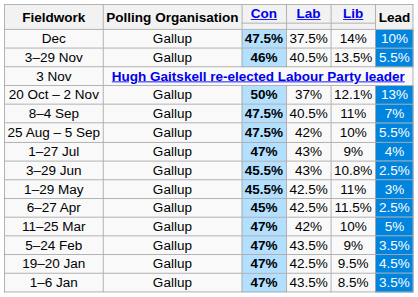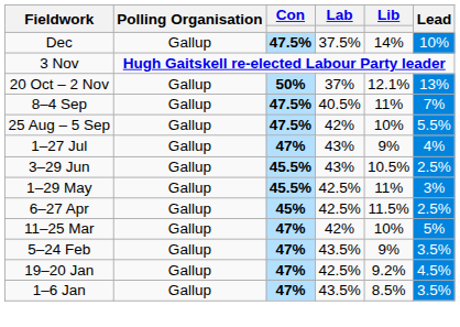 <table class="wikitable" style="text-align: center; line-height: 14px; font-size: 95%;">
 <tr>
 <th rowspan="2">Fieldwork</th>
 <th rowspan="2">Polling Organisation</th>
 <th><a href='#'>Con</a></th>
 <th><a href='#'>Lab</a></th>
 <th><a href='#'>Lib</a></th>
 <th class="unsortable" style="width:20px;" rowspan="2">Lead</th>
 </tr>
 <tr>
 <th style="background:"></th>
 <th style="background:"></th>
 <th style="background:"></th>
 </tr>
 <tr>
 <td>Dec</td>
 <td>Gallup</td>
 <td style="background:#B3E0FF"><strong>47.5%</strong></td>
 <td>37.5%</td>
 <td>14%</td>
 <td style="background:#0084dd; color:white;">10%</td>
-</tr>
-<tr>
-<td>3–29 Nov</td>
-<td>Gallup</td>
-<td style="background:#B3E0FF"><strong>46%</strong></td>
-<td>40.5%</td>
-<td>13.5%</td>
-<td style="background:#0084dd; color:white;">5.5%</td>
 </tr>
 <tr>
 <td>3 Nov</td>
 <td colspan="5"><strong><a href='#'>Hugh Gaitskell re-elected Labour Party leader</a></strong></td>
 </tr>
 <tr>
 <td>20 Oct – 2 Nov</td>
 <td>Gallup</td>
 <td style="background:#B3E0FF"><strong>50%</strong></td>
 <td>37%</td>
 <td>12.1%</td>
 <td style="background:#0084dd; color:white;">13%</td>
 </tr>
 <tr>
 <td>8–4 Sep</td>
 <td>Gallup</td>
 <td style="background:#B3E0FF"><strong>47.5%</strong></td>
 <td>40.5%</td>
 <td>11%</td>
 <td style="background:#0084dd; color:white;">7%</td>
 </tr>
 <tr>
 <td>25 Aug – 5 Sep</td>
 <td>Gallup</td>
 <td style="background:#B3E0FF"><strong>47.5%</strong></td>
 <td>42%</td>
 <td>10%</td>
 <td style="background:#0084dd; color:white;">5.5%</td>
 </tr>
 <tr>
 <td>1–27 Jul</td>
 <td>Gallup</td>
 <td style="background:#B3E0FF"><strong>47%</strong></td>
 <td>43%</td>
 <td>9%</td>
 <td style="background:#0084dd; color:white;">4%</td>
 </tr>
 <tr>
 <td>3–29 Jun</td>
 <td>Gallup</td>
 <td style="background:#B3E0FF"><strong>45.5%</strong></td>
 <td>43%</td>
-<td>10.8%</td>
+<td>10.5%</td>
 <td style="background:#0084dd; color:white;">2.5%</td>
 </tr>
 <tr>
 <td>1–29 May</td>
 <td>Gallup</td>
 <td style="background:#B3E0FF"><strong>45.5%</strong></td>
 <td>42.5%</td>
 <td>11%</td>
 <td style="background:#0084dd; color:white;">3%</td>
 </tr>
 <tr>
 <td>6–27 Apr</td>
 <td>Gallup</td>
 <td style="background:#B3E0FF"><strong>45%</strong></td>
 <td>42.5%</td>
 <td>11.5%</td>
 <td style="background:#0084dd; color:white;">2.5%</td>
 </tr>
 <tr>
 <td>11–25 Mar</td>
 <td>Gallup</td>
 <td style="background:#B3E0FF"><strong>47%</strong></td>
 <td>42%</td>
 <td>10%</td>
 <td style="background:#0084dd; color:white;">5%</td>
 </tr>
 <tr>
 <td>5–24 Feb</td>
 <td>Gallup</td>
 <td style="background:#B3E0FF"><strong>47%</strong></td>
 <td>43.5%</td>
 <td>9%</td>
 <td style="background:#0084dd; color:white;">3.5%</td>
 </tr>
 <tr>
 <td>19–20 Jan</td>
 <td>Gallup</td>
 <td style="background:#B3E0FF"><strong>47%</strong></td>
 <td>42.5%</td>
-<td>9.5%</td>
+<td>9.2%</td>
 <td style="background:#0084dd; color:white;">4.5%</td>
 </tr>
 <tr>
 <td>1–6 Jan</td>
 <td>Gallup</td>
 <td style="background:#B3E0FF"><strong>47%</strong></td>
 <td>43.5%</td>
 <td>8.5%</td>
 <td style="background:#0084dd; color:white;">3.5%</td>
 </tr>
 </table>
